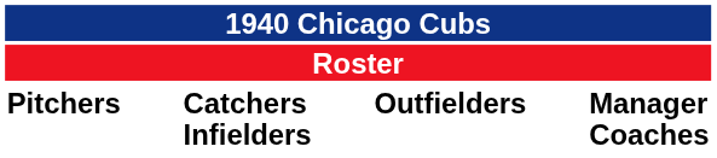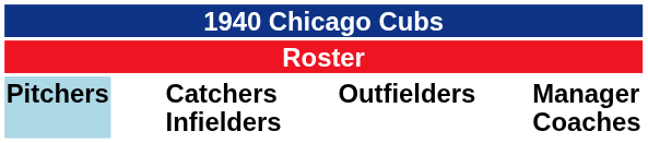 <table class="toccolours" style="font-size: 95%;">
 <tr>
 <th colspan="10" style="background-color: #0e3386; color: white; text-align: center;">1940 Chicago Cubs</th>
 </tr>
 <tr>
 <td colspan="10" style="background-color: #EE1422; color: white; text-align: center;"><strong>Roster</strong></td>
 </tr>
 <tr>
-<td valign="top"><strong>Pitchers</strong><br>          </td>
+<td valign="top" style="background: lightblue;"><strong>Pitchers</strong><br>          </td>
 <td width="25px"></td>
 <td valign="top"><strong>Catchers</strong><br>    <strong>Infielders</strong>         </td>
 <td width="25px"></td>
 <td valign="top"><strong>Outfielders</strong><br>    </td>
 <td width="25px"></td>
 <td valign="top"><strong>Manager</strong><br> <strong>Coaches</strong>  </td>
 </tr>
 </table>
